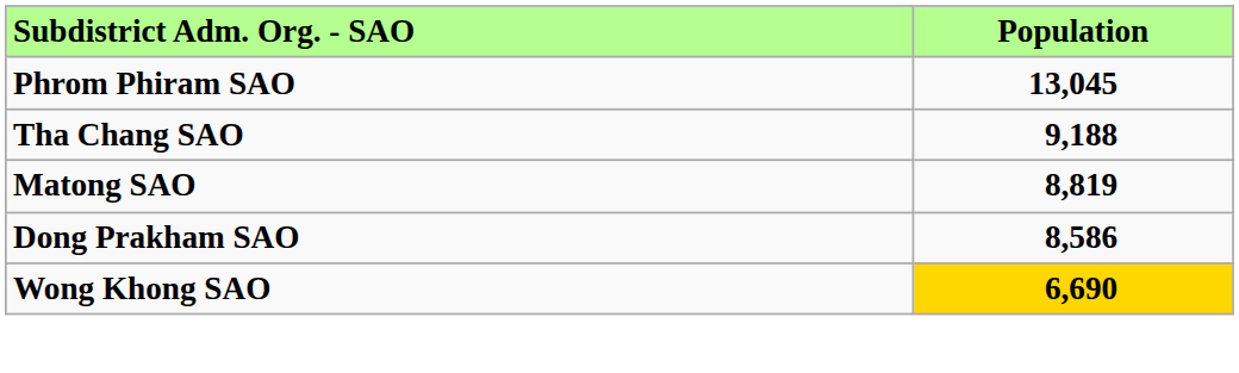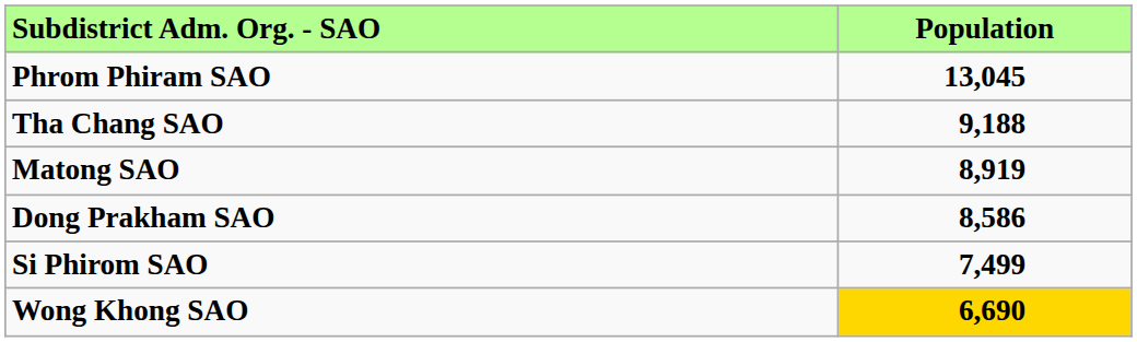 <table class="wikitable" style="width:48%; display:inline-table;">
 <tr>
 <th scope="col" style= "width:74%;background: #b4ff90; text-align:left;"><strong>Subdistrict Adm. Org. - SAO</strong></th>
 <th scope="col" style= "width:26%;background: #b4ff90; text-align:center;"><strong>Population</strong></th>
 </tr>
 <tr>
 <td><strong>Phrom Phiram SAO</strong></td>
 <td style="text-align:center;"><strong>13,045</strong></td>
 </tr>
 <tr>
 <td><strong>Tha Chang SAO</strong></td>
 <td style="text-align:center;">  <strong>9,188</strong></td>
 </tr>
 <tr>
 <td><strong>Matong SAO</strong></td>
-<td style="text-align:center;">  <strong>8,819</strong></td>
+<td style="text-align:center;">  <strong>8,919</strong></td>
 </tr>
 <tr>
 <td><strong>Dong Prakham SAO</strong></td>
 <td style="text-align:center;">  <strong>8,586</strong></td>
 </tr>
 <tr>
+<td><strong>Si Phirom SAO</strong></td>
+<td style="text-align:center;">  <strong>7,499</strong></td>
+</tr>
+<tr>
 <td><strong>Wong Khong SAO</strong></td>
 <td style="background: gold; text-align:center;">  <strong>6,690</strong></td>
 </tr>
 </table>
